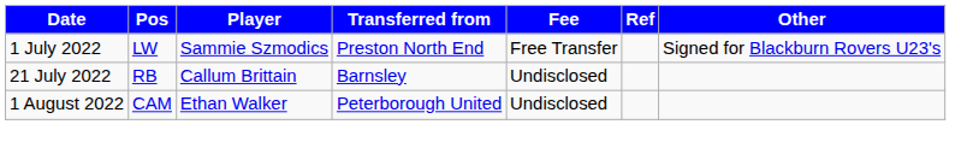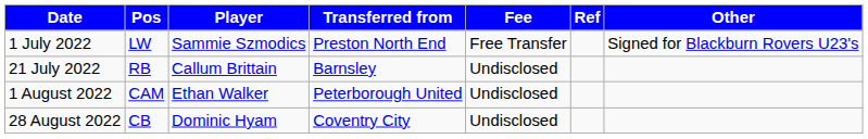 <table class="wikitable plainrowheaders sortable">
 <tr>
 <th style="background:#0000FF; color:#ffffff; ">Date</th>
 <th style="background:#0000FF; color:#ffffff; ">Pos</th>
 <th style="background:#0000FF; color:#ffffff; ">Player</th>
 <th style="background:#0000FF; color:#ffffff; ">Transferred from</th>
 <th style="background:#0000FF; color:#ffffff; ">Fee</th>
 <th style="background:#0000FF; color:#ffffff; ">Ref</th>
 <th style="background:#0000FF; color:#ffffff; ">Other</th>
 </tr>
 <tr>
 <td>1 July 2022</td>
 <td><a href='#'>LW</a></td>
 <td> <a href='#'>Sammie Szmodics</a></td>
 <td> <a href='#'>Preston North End</a></td>
 <td>Free Transfer</td>
 <td></td>
 <td>Signed for <a href='#'>Blackburn Rovers U23's</a></td>
 </tr>
 <tr>
 <td>21 July 2022</td>
 <td><a href='#'>RB</a></td>
 <td> <a href='#'>Callum Brittain</a></td>
 <td> <a href='#'>Barnsley</a></td>
 <td>Undisclosed</td>
 <td></td>
 <td></td>
 </tr>
 <tr>
 <td>1 August 2022</td>
 <td><a href='#'>CAM</a></td>
 <td> <a href='#'>Ethan Walker</a></td>
 <td> <a href='#'>Peterborough United</a></td>
 <td>Undisclosed</td>
 <td></td>
 <td></td>
 </tr>
+<tr>
+<td>28 August 2022</td>
+<td><a href='#'>CB</a></td>
+<td> <a href='#'>Dominic Hyam</a></td>
+<td> <a href='#'>Coventry City</a></td>
+<td>Undisclosed</td>
+<td></td>
+<td></td>
+</tr>
 </table>
